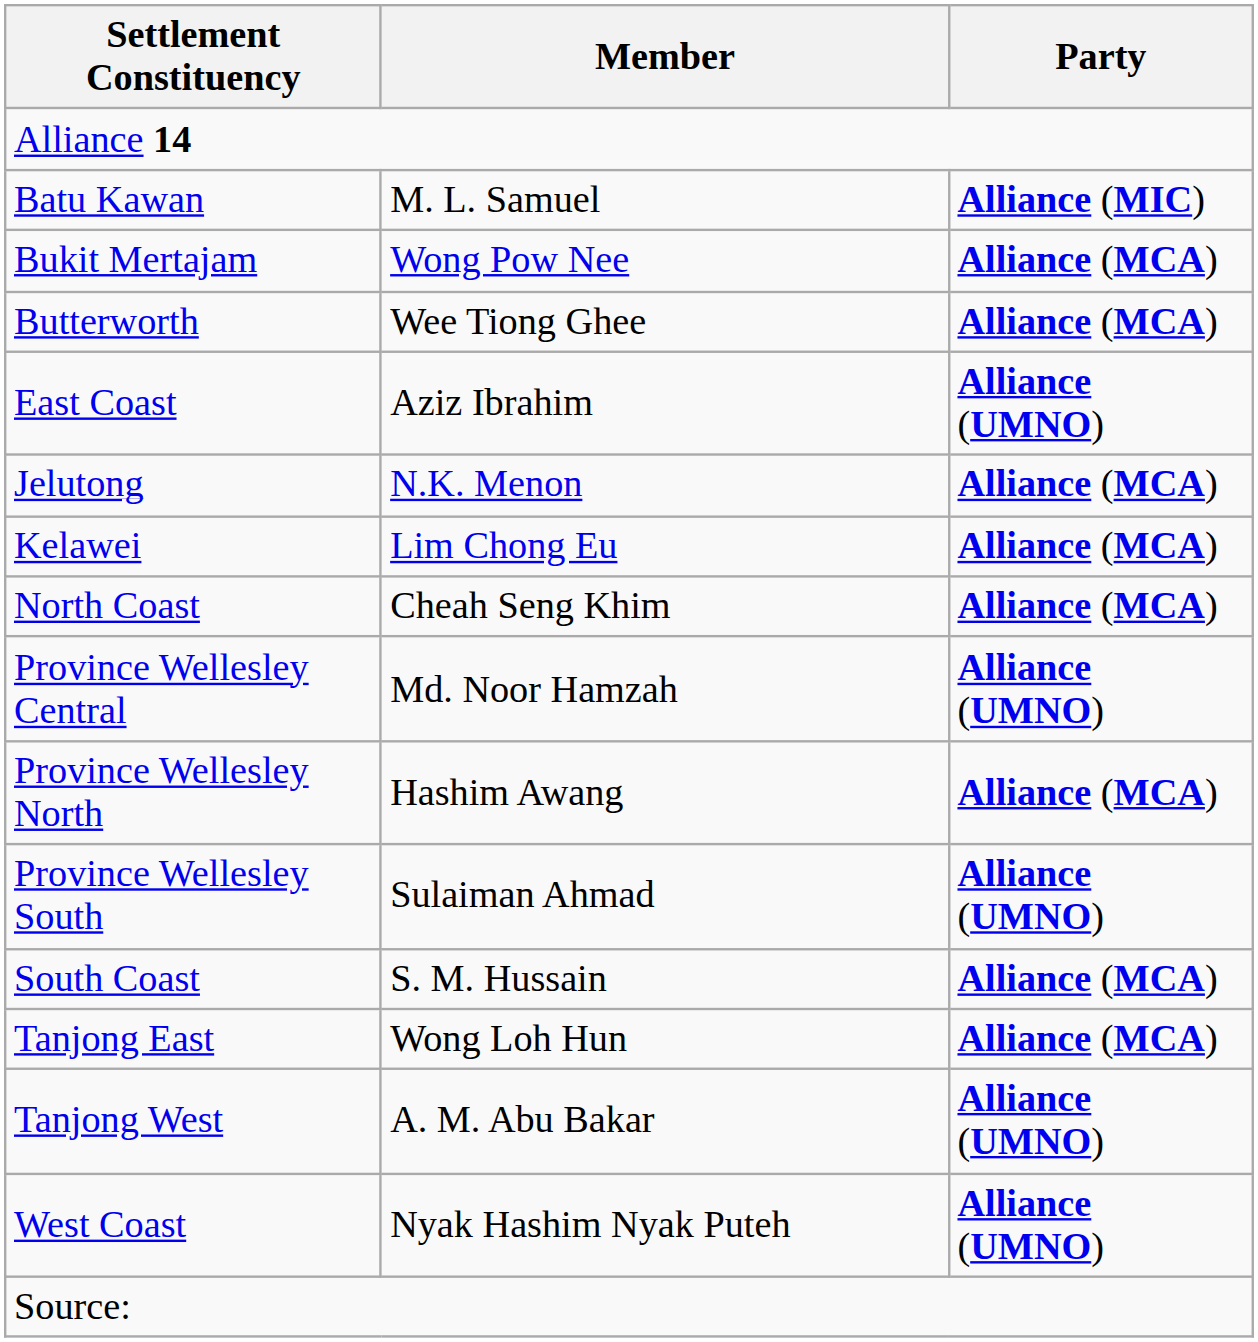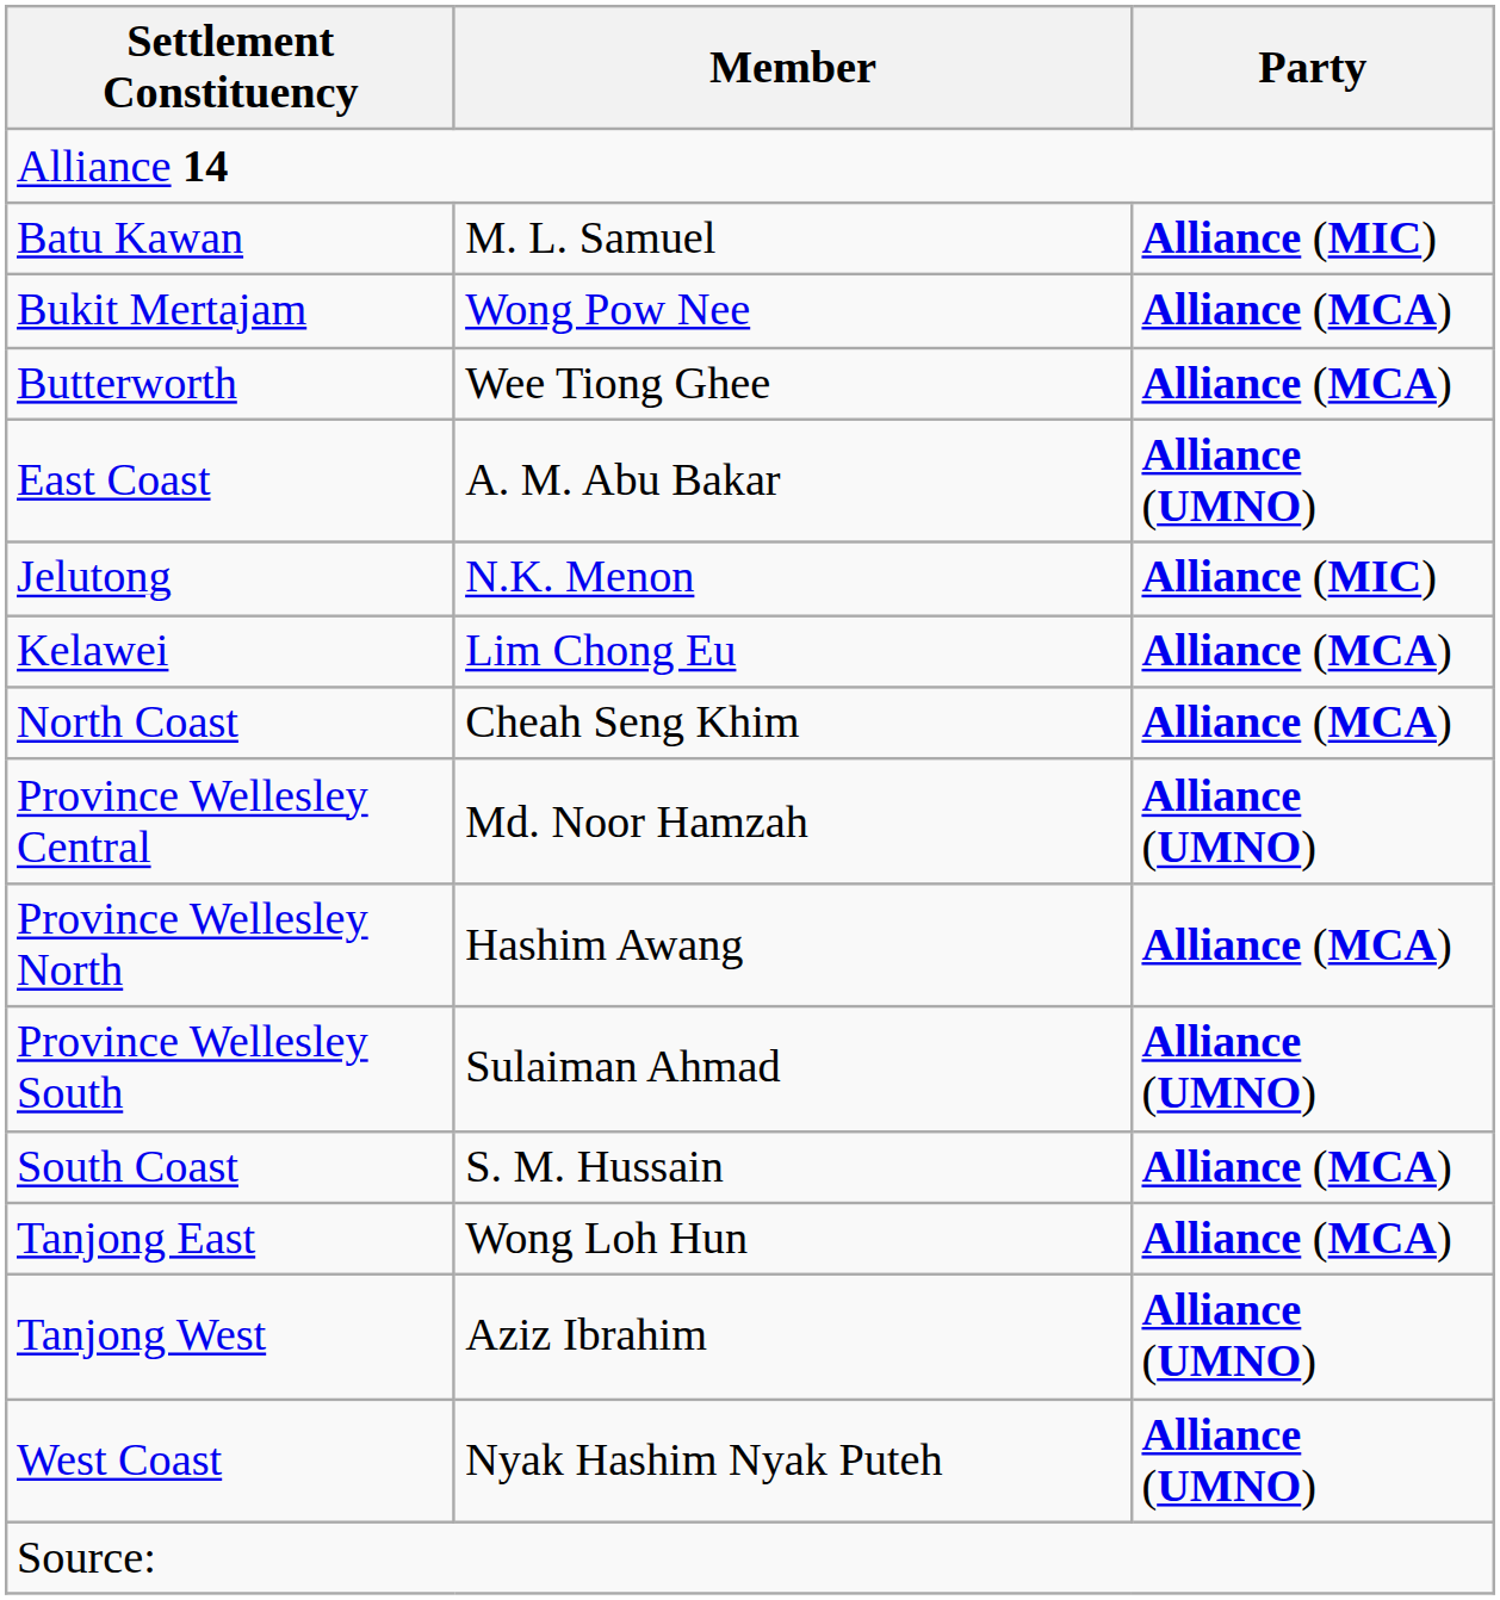 <table class="wikitable sortable">
 <tr>
 <th style="width:150px;">Settlement Constituency</th>
 <th style="width:230px;">Member</th>
 <th style="width:120px;">Party</th>
 </tr>
 <tr>
 <td colspan="3"><a href='#'>Alliance</a> <strong>14</strong></td>
 </tr>
 <tr>
 <td><a href='#'>Batu Kawan</a></td>
 <td>M. L. Samuel</td>
 <td><strong><a href='#'>Alliance</a></strong> (<strong><a href='#'>MIC</a></strong>)</td>
 </tr>
 <tr>
 <td><a href='#'>Bukit Mertajam</a></td>
 <td><a href='#'>Wong Pow Nee</a></td>
 <td><strong><a href='#'>Alliance</a></strong> (<strong><a href='#'>MCA</a></strong>)</td>
 </tr>
 <tr>
 <td><a href='#'>Butterworth</a></td>
 <td>Wee Tiong Ghee</td>
 <td><strong><a href='#'>Alliance</a></strong> (<strong><a href='#'>MCA</a></strong>)</td>
 </tr>
 <tr>
 <td><a href='#'>East Coast</a></td>
-<td>Aziz Ibrahim</td>
+<td>A. M. Abu Bakar</td>
 <td><strong><a href='#'>Alliance</a></strong> (<strong><a href='#'>UMNO</a></strong>)</td>
 </tr>
 <tr>
 <td><a href='#'>Jelutong</a></td>
 <td><a href='#'>N.K. Menon</a></td>
-<td><strong><a href='#'>Alliance</a></strong> (<strong><a href='#'>MCA</a></strong>)</td>
+<td><strong><a href='#'>Alliance</a></strong> (<strong><a href='#'>MIC</a></strong>)</td>
 </tr>
 <tr>
 <td><a href='#'>Kelawei</a></td>
 <td><a href='#'>Lim Chong Eu</a></td>
 <td><strong><a href='#'>Alliance</a></strong> (<strong><a href='#'>MCA</a></strong>)</td>
 </tr>
 <tr>
 <td><a href='#'>North Coast</a></td>
 <td>Cheah Seng Khim</td>
 <td><strong><a href='#'>Alliance</a></strong> (<strong><a href='#'>MCA</a></strong>)</td>
 </tr>
 <tr>
 <td><a href='#'>Province Wellesley Central</a></td>
 <td>Md. Noor Hamzah</td>
 <td><strong><a href='#'>Alliance</a></strong> (<strong><a href='#'>UMNO</a></strong>)</td>
 </tr>
 <tr>
 <td><a href='#'>Province Wellesley North</a></td>
 <td>Hashim Awang</td>
 <td><strong><a href='#'>Alliance</a></strong> (<strong><a href='#'>MCA</a></strong>)</td>
 </tr>
 <tr>
 <td><a href='#'>Province Wellesley South</a></td>
 <td>Sulaiman Ahmad</td>
 <td><strong><a href='#'>Alliance</a></strong> (<strong><a href='#'>UMNO</a></strong>)</td>
 </tr>
 <tr>
 <td><a href='#'>South Coast</a></td>
 <td>S. M. Hussain</td>
 <td><strong><a href='#'>Alliance</a></strong> (<strong><a href='#'>MCA</a></strong>)</td>
 </tr>
 <tr>
 <td><a href='#'>Tanjong East</a></td>
 <td>Wong Loh Hun</td>
 <td><strong><a href='#'>Alliance</a></strong> (<strong><a href='#'>MCA</a></strong>)</td>
 </tr>
 <tr>
 <td><a href='#'>Tanjong West</a></td>
-<td>A. M. Abu Bakar</td>
+<td>Aziz Ibrahim</td>
 <td><strong><a href='#'>Alliance</a></strong> (<strong><a href='#'>UMNO</a></strong>)</td>
 </tr>
 <tr>
 <td><a href='#'>West Coast</a></td>
 <td>Nyak Hashim Nyak Puteh</td>
 <td><strong><a href='#'>Alliance</a></strong> (<strong><a href='#'>UMNO</a></strong>)</td>
 </tr>
 <tr>
 <td colspan="3">Source:</td>
 </tr>
 </table>
